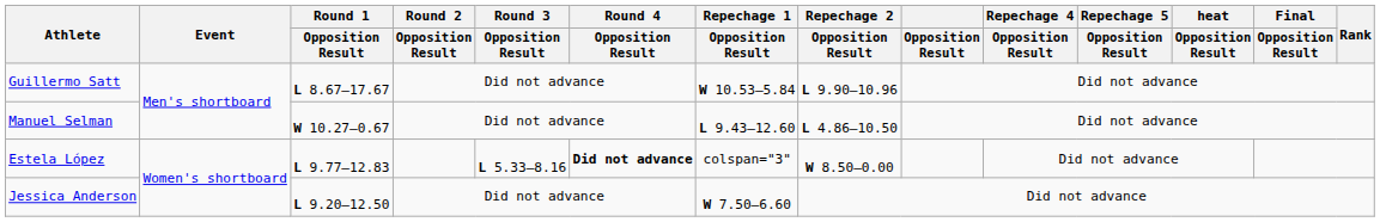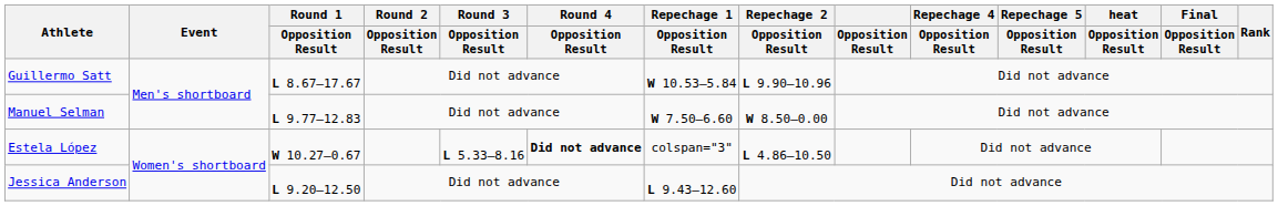 <table class=wikitable style=font-size:90%;text-align:center>
 <tr>
 <th rowspan=2>Athlete</th>
 <th rowspan=2>Event</th>
 <th>Round 1</th>
 <th>Round 2</th>
 <th>Round 3</th>
 <th>Round 4</th>
 <th>Repechage 1</th>
 <th>Repechage 2</th>
 <th></th>
 <th>Repechage 4</th>
 <th>Repechage 5</th>
 <th> heat</th>
 <th>Final</th>
 <th rowspan=2>Rank</th>
 </tr>
 <tr style=font-size:95%>
 <th>Opposition<br>Result</th>
 <th>Opposition<br>Result</th>
 <th>Opposition<br>Result</th>
 <th>Opposition<br>Result</th>
 <th>Opposition<br>Result</th>
 <th>Opposition<br>Result</th>
 <th>Opposition<br>Result</th>
 <th>Opposition<br>Result</th>
 <th>Opposition<br>Result</th>
 <th>Opposition<br>Result</th>
 <th>Opposition<br>Result</th>
 </tr>
 <tr>
 <td style="text-align:left"><a href='#'>Guillermo Satt</a></td>
 <td style="text-align:left" rowspan=2><a href='#'>Men's shortboard</a></td>
 <td><br><strong>L</strong> 8.67–17.67</td>
 <td colspan="3">Did not advance</td>
 <td><br><strong>W</strong> 10.53–5.84</td>
 <td><br><strong>L</strong> 9.90–10.96</td>
 <td colspan="6">Did not advance</td>
 </tr>
 <tr>
 <td style="text-align:left"><a href='#'>Manuel Selman</a></td>
-<td><br><strong>W</strong> 10.27–0.67</td>
+<td><br><strong>L</strong> 9.77–12.83</td>
 <td colspan="3">Did not advance</td>
-<td><br><strong>L</strong> 9.43–12.60</td>
-<td><br><strong>L</strong> 4.86–10.50</td>
+<td><br><strong>W</strong> 7.50–6.60</td>
+<td><br><strong>W</strong> 8.50–0.00</td>
 <td colspan="6">Did not advance</td>
 </tr>
 <tr>
 <td style="text-align:left"><a href='#'>Estela López</a></td>
 <td style="text-align:left" rowspan=2><a href='#'>Women's shortboard</a></td>
-<td><br><strong>L</strong> 9.77–12.83</td>
+<td><br><strong>W</strong> 10.27–0.67</td>
 <td><br></td>
 <td><br><strong>L</strong> 5.33–8.16</td>
 <td><strong>Did not advance</strong></td>
 <td>colspan="3" </td>
-<td><br><strong>W</strong> 8.50–0.00</td>
+<td><br><strong>L</strong> 4.86–10.50</td>
 <td><br></td>
 <td colspan="3">Did not advance</td>
 </tr>
 <tr>
 <td style="text-align:left"><a href='#'>Jessica Anderson</a></td>
 <td><br><strong>L</strong> 9.20–12.50</td>
 <td colspan="3">Did not advance</td>
-<td><br><strong>W</strong> 7.50–6.60</td>
+<td><br><strong>L</strong> 9.43–12.60</td>
 <td colspan="7">Did not advance</td>
 </tr>
 </table>
